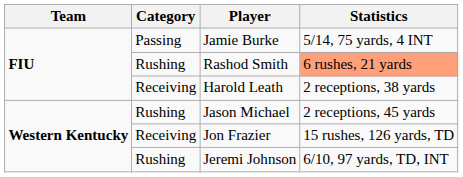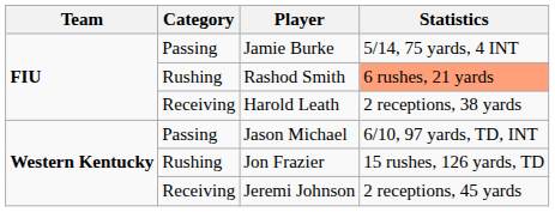 <table class="wikitable" style="float: right;">
 <tr>
 <th>Team</th>
 <th>Category</th>
 <th>Player</th>
 <th>Statistics</th>
 </tr>
 <tr>
 <td rowspan=3><strong>FIU</strong></td>
 <td>Passing</td>
 <td>Jamie Burke</td>
 <td>5/14, 75 yards, 4 INT</td>
 </tr>
 <tr>
 <td>Rushing</td>
 <td>Rashod Smith</td>
 <td style="background: lightsalmon;">6 rushes, 21 yards</td>
 </tr>
 <tr>
 <td>Receiving</td>
 <td>Harold Leath</td>
 <td>2 receptions, 38 yards</td>
 </tr>
 <tr>
 <td rowspan=3><strong>Western Kentucky</strong></td>
-<td>Rushing</td>
+<td>Passing</td>
 <td>Jason Michael</td>
-<td>2 receptions, 45 yards</td>
+<td>6/10, 97 yards, TD, INT</td>
 </tr>
 <tr>
-<td>Receiving</td>
+<td>Rushing</td>
 <td>Jon Frazier</td>
 <td>15 rushes, 126 yards, TD</td>
 </tr>
 <tr>
-<td>Rushing</td>
+<td>Receiving</td>
 <td>Jeremi Johnson</td>
-<td>6/10, 97 yards, TD, INT</td>
+<td>2 receptions, 45 yards</td>
 </tr>
 </table>
